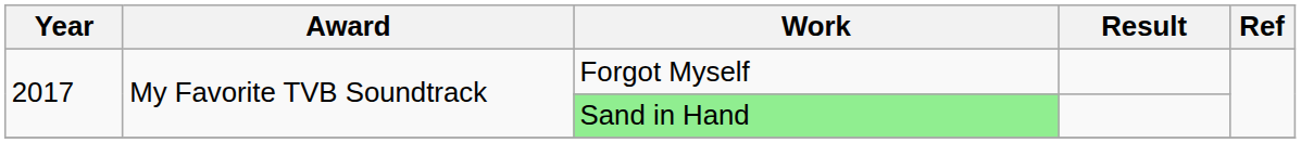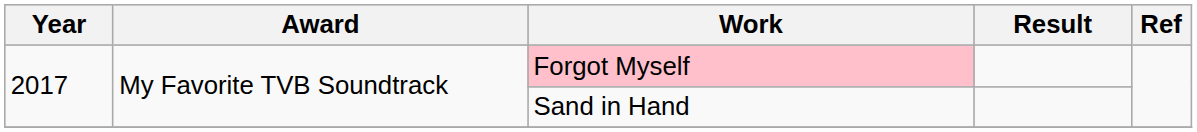 <table class="wikitable">
 <tr>
 <th width=60>Year</th>
 <th style="width:250px;">Award</th>
 <th style="width:270px;">Work</th>
 <th width="90">Result</th>
 <th width="30">Ref</th>
 </tr>
 <tr>
 <td rowspan="2">2017</td>
 <td rowspan="2">My Favorite TVB Soundtrack</td>
-<td>Forgot Myself</td>
+<td style="background: pink;">Forgot Myself</td>
 <td></td>
 <td rowspan="2"></td>
 </tr>
 <tr>
-<td style="background: lightgreen;">Sand in Hand</td>
+<td>Sand in Hand</td>
 <td></td>
 </tr>
 <tr>
 </tr>
 </table>
